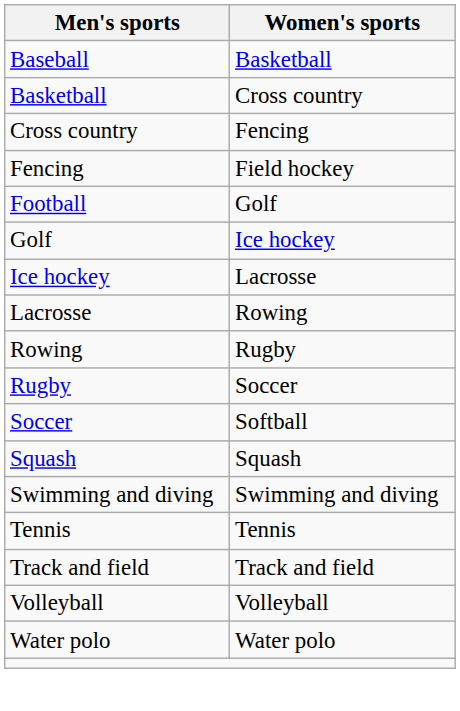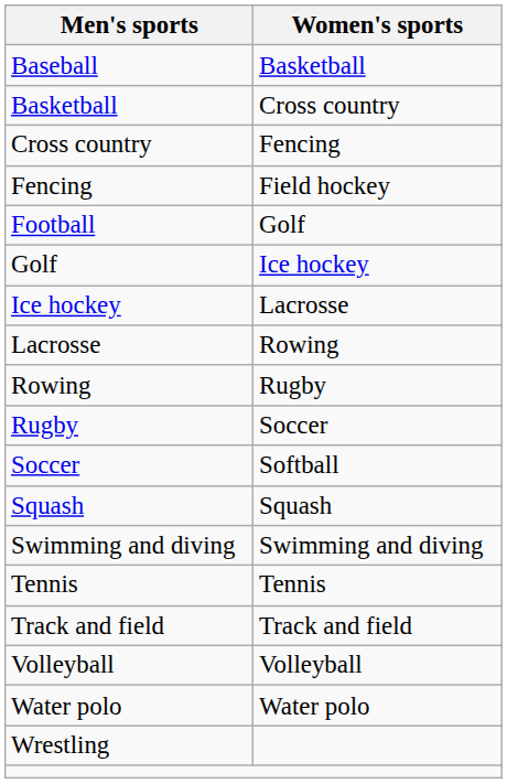 <table class= wikitable>
 <tr>
 <th width=150px>Men's sports</th>
 <th width=150px>Women's sports</th>
 </tr>
 <tr>
 <td><a href='#'>Baseball</a></td>
 <td><a href='#'>Basketball</a></td>
 </tr>
 <tr>
 <td><a href='#'>Basketball</a></td>
 <td>Cross country</td>
 </tr>
 <tr>
 <td>Cross country</td>
 <td>Fencing</td>
 </tr>
 <tr>
 <td>Fencing</td>
 <td>Field hockey</td>
 </tr>
 <tr>
 <td><a href='#'>Football</a></td>
 <td>Golf</td>
 </tr>
 <tr>
 <td>Golf</td>
 <td><a href='#'>Ice hockey</a></td>
 </tr>
 <tr>
 <td><a href='#'>Ice hockey</a></td>
 <td>Lacrosse</td>
 </tr>
 <tr>
 <td>Lacrosse</td>
 <td>Rowing</td>
 </tr>
 <tr>
 <td>Rowing</td>
 <td>Rugby</td>
 </tr>
 <tr>
 <td><a href='#'>Rugby</a></td>
 <td>Soccer</td>
 </tr>
 <tr>
 <td><a href='#'>Soccer</a></td>
 <td>Softball</td>
 </tr>
 <tr>
 <td><a href='#'>Squash</a></td>
 <td>Squash</td>
 </tr>
 <tr>
 <td>Swimming and diving</td>
 <td>Swimming and diving</td>
 </tr>
 <tr>
 <td>Tennis</td>
 <td>Tennis</td>
 </tr>
 <tr>
 <td>Track and field</td>
 <td>Track and field</td>
 </tr>
 <tr>
 <td>Volleyball</td>
 <td>Volleyball</td>
 </tr>
 <tr>
 <td>Water polo</td>
 <td>Water polo</td>
 </tr>
 <tr>
+<td>Wrestling</td>
+<td></td>
+</tr>
+<tr>
 <td colspan=2></td>
 </tr>
 </table>
